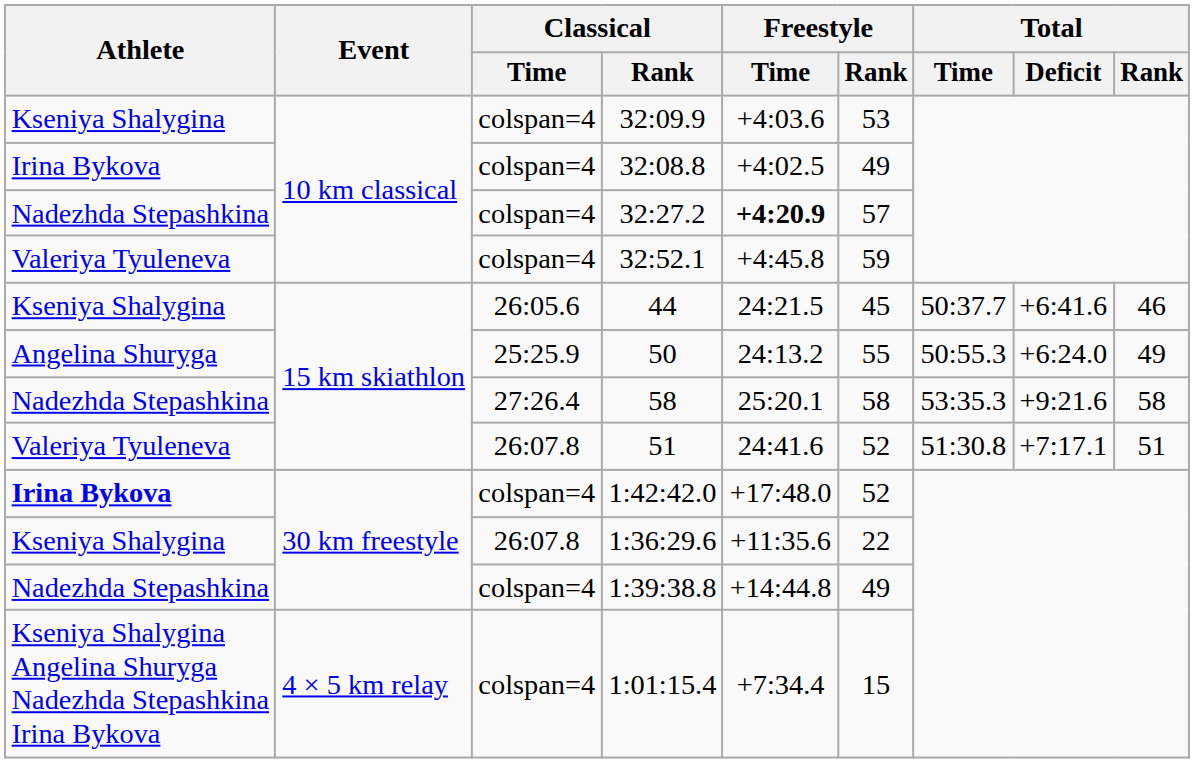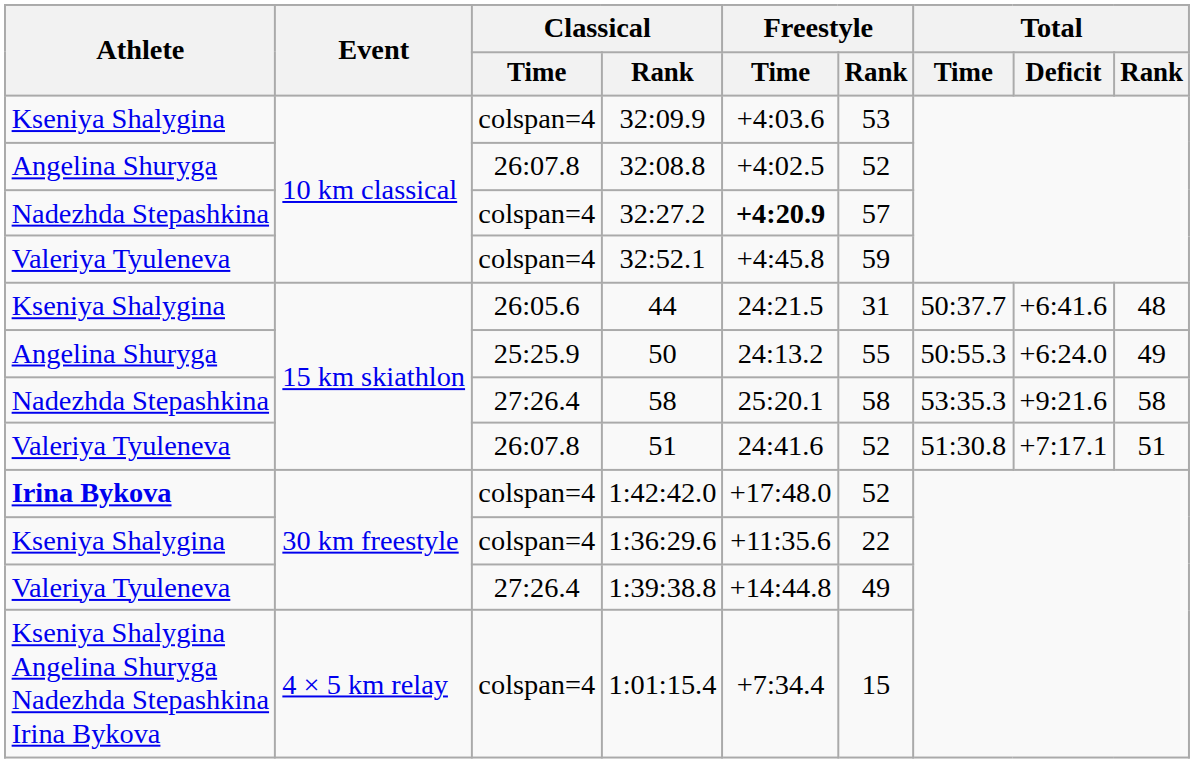 <table class=wikitable style=font-size:90%;text-align:center>
 <tr>
 <th rowspan=2>Athlete</th>
 <th rowspan=2>Event</th>
 <th colspan=2>Classical</th>
 <th colspan=2>Freestyle</th>
 <th colspan=3>Total</th>
 </tr>
 <tr style=font-size:95%>
 <th>Time</th>
 <th>Rank</th>
 <th>Time</th>
 <th>Rank</th>
 <th>Time</th>
 <th>Deficit</th>
 <th>Rank</th>
 </tr>
 <tr>
 <td align=left><a href='#'>Kseniya Shalygina</a></td>
 <td align=left rowspan=4><a href='#'>10 km classical</a></td>
 <td>colspan=4</td>
 <td>32:09.9</td>
 <td>+4:03.6</td>
 <td>53</td>
 </tr>
 <tr>
-<td align=left><a href='#'>Irina Bykova</a></td>
-<td>colspan=4</td>
+<td align=left><a href='#'>Angelina Shuryga</a></td>
+<td>26:07.8</td>
 <td>32:08.8</td>
 <td>+4:02.5</td>
-<td>49</td>
+<td>52</td>
 </tr>
 <tr>
 <td align=left><a href='#'>Nadezhda Stepashkina</a></td>
 <td>colspan=4</td>
 <td>32:27.2</td>
 <td><strong>+4:20.9</strong></td>
 <td>57</td>
 </tr>
 <tr>
 <td align=left><a href='#'>Valeriya Tyuleneva</a></td>
 <td>colspan=4</td>
 <td>32:52.1</td>
 <td>+4:45.8</td>
 <td>59</td>
 </tr>
 <tr>
 <td align=left><a href='#'>Kseniya Shalygina</a></td>
 <td align=left rowspan=4><a href='#'>15 km skiathlon</a></td>
 <td>26:05.6</td>
 <td>44</td>
 <td>24:21.5</td>
-<td>45</td>
+<td>31</td>
 <td>50:37.7</td>
 <td>+6:41.6</td>
-<td>46</td>
+<td>48</td>
 </tr>
 <tr>
 <td align=left><a href='#'>Angelina Shuryga</a></td>
 <td>25:25.9</td>
 <td>50</td>
 <td>24:13.2</td>
 <td>55</td>
 <td>50:55.3</td>
 <td>+6:24.0</td>
 <td>49</td>
 </tr>
 <tr>
 <td align=left><a href='#'>Nadezhda Stepashkina</a></td>
 <td>27:26.4</td>
 <td>58</td>
 <td>25:20.1</td>
 <td>58</td>
 <td>53:35.3</td>
 <td>+9:21.6</td>
 <td>58</td>
 </tr>
 <tr>
 <td align=left><a href='#'>Valeriya Tyuleneva</a></td>
 <td>26:07.8</td>
 <td>51</td>
 <td>24:41.6</td>
 <td>52</td>
 <td>51:30.8</td>
 <td>+7:17.1</td>
 <td>51</td>
 </tr>
 <tr>
 <td align=left><strong><a href='#'>Irina Bykova</a></strong></td>
 <td align=left rowspan=3><a href='#'>30 km freestyle</a></td>
 <td>colspan=4</td>
 <td>1:42:42.0</td>
 <td>+17:48.0</td>
 <td>52</td>
 </tr>
 <tr>
 <td align=left><a href='#'>Kseniya Shalygina</a></td>
-<td>26:07.8</td>
+<td>colspan=4</td>
 <td>1:36:29.6</td>
 <td>+11:35.6</td>
 <td>22</td>
 </tr>
 <tr>
-<td align=left><a href='#'>Nadezhda Stepashkina</a></td>
-<td>colspan=4</td>
+<td align=left><a href='#'>Valeriya Tyuleneva</a></td>
+<td>27:26.4</td>
 <td>1:39:38.8</td>
 <td>+14:44.8</td>
 <td>49</td>
 </tr>
 <tr>
 <td align=left><a href='#'>Kseniya Shalygina</a><br><a href='#'>Angelina Shuryga</a><br><a href='#'>Nadezhda Stepashkina</a><br><a href='#'>Irina Bykova</a></td>
 <td align=left><a href='#'>4 × 5 km relay</a></td>
 <td>colspan=4 </td>
 <td>1:01:15.4</td>
 <td>+7:34.4</td>
 <td>15</td>
 </tr>
 </table>
